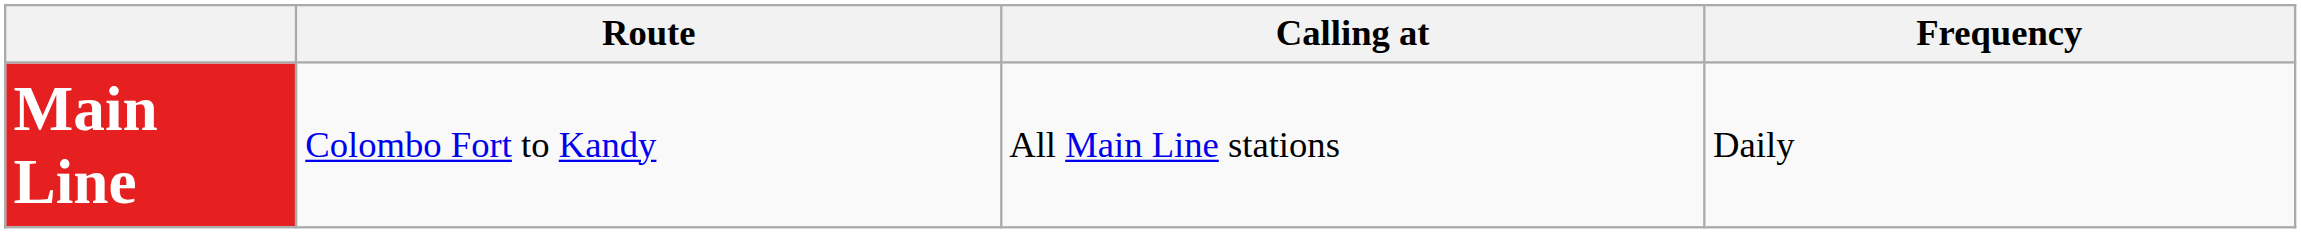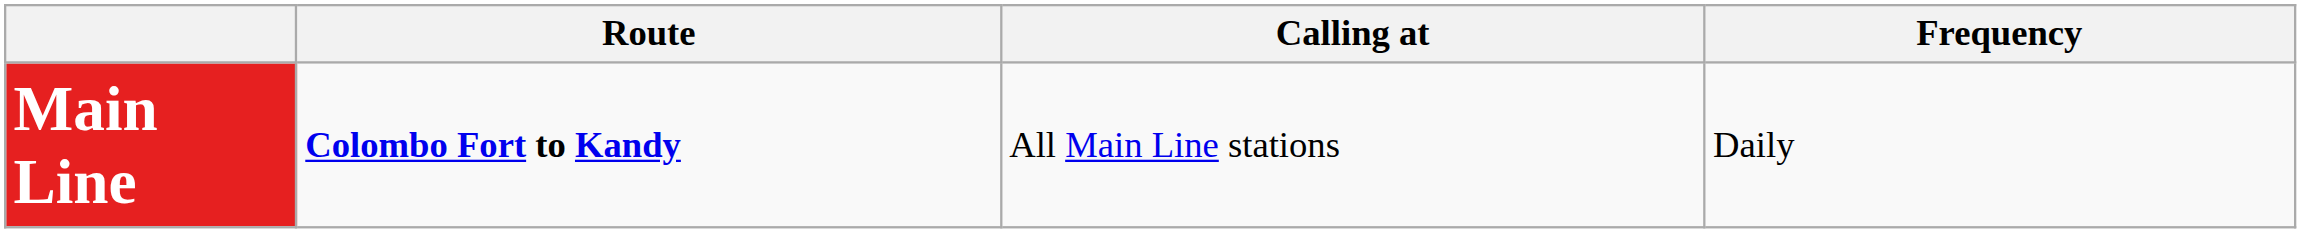 <table class="wikitable">
 <tr>
 <th colspan="1"></th>
 <th>Route</th>
 <th>Calling at</th>
 <th>Frequency</th>
 </tr>
 <tr>
 <td style="background:#E62020; color:White" width="120px"><big><big><big><strong>Main Line</strong></big></big></big></td>
-<td width="300px"><a href='#'>Colombo Fort</a> to <a href='#'>Kandy</a></td>
+<td width="300px"><strong><a href='#'>Colombo Fort</a> to <a href='#'>Kandy</a></strong></td>
 <td width="300px">All <a href='#'>Main Line</a> stations</td>
 <td width="250px">Daily<br></td>
 </tr>
 </table>
